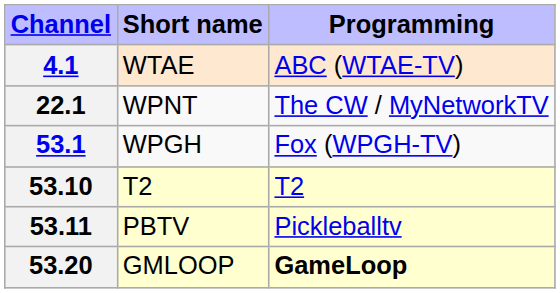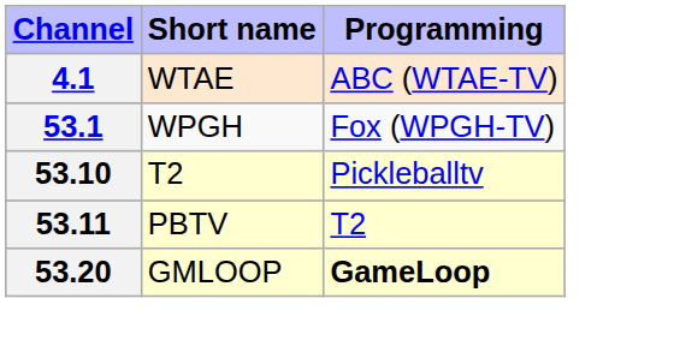 <table class="wikitable">
 <tr>
 <th style="background-color: #bdbdff" scope = "col"><a href='#'>Channel</a></th>
 <th style="background-color: #bdbdff" scope = "col">Short name</th>
 <th style="background-color: #bdbdff" scope = "col">Programming</th>
 </tr>
 <tr>
 <th scope = "row"><a href='#'>4.1</a></th>
 <td style="background-color:#ffe8d0">WTAE</td>
 <td style="background-color:#ffe8d0"><a href='#'>ABC</a> (<a href='#'>WTAE-TV</a>) </td>
 </tr>
 <tr>
-<th scope = "row">22.1</th>
-<td>WPNT</td>
-<td><a href='#'>The CW</a> / <a href='#'>MyNetworkTV</a></td>
-</tr>
-<tr>
 <th scope = "row"><a href='#'>53.1</a></th>
 <td>WPGH</td>
 <td><a href='#'>Fox</a> (<a href='#'>WPGH-TV</a>)</td>
 </tr>
 <tr>
 <th scope = "row">53.10</th>
 <td style="background-color:#ffffd0">T2</td>
-<td style="background-color:#ffffd0"><a href='#'>T2</a></td>
+<td style="background-color:#ffffd0"><a href='#'>Pickleballtv</a></td>
 </tr>
 <tr>
 <th scope = "row">53.11</th>
 <td style="background-color:#ffffd0">PBTV</td>
-<td style="background-color:#ffffd0"><a href='#'>Pickleballtv</a></td>
+<td style="background-color:#ffffd0"><a href='#'>T2</a></td>
 </tr>
 <tr>
 <th scope = "row">53.20</th>
 <td style="background-color:#ffffd0">GMLOOP</td>
 <td style="background-color:#ffffd0"><strong>GameLoop</strong></td>
 </tr>
 </table>
